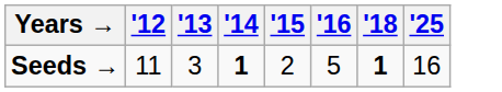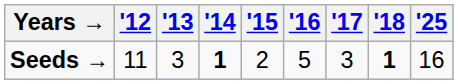 <table class="wikitable">
 <tr>
 <th>Years →</th>
 <th><a href='#'>'12</a></th>
 <th><a href='#'>'13</a></th>
 <th><a href='#'>'14</a></th>
 <th><a href='#'>'15</a></th>
 <th><a href='#'>'16</a></th>
+<th><a href='#'>'17</a></th>
 <th><a href='#'>'18</a></th>
 <th><a href='#'>'25</a></th>
 </tr>
 <tr align=center>
 <td style="text-align:left; "><strong>Seeds →</strong></td>
 <td>11</td>
 <td>3</td>
 <td><strong>1</strong></td>
 <td>2</td>
 <td>5</td>
+<td>3</td>
 <td><strong>1</strong></td>
 <td>16</td>
 </tr>
 </table>
